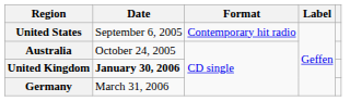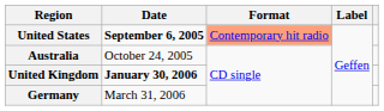 <table class="wikitable plainrowheaders">
 <tr>
 <th scope="col">Region</th>
 <th scope="col">Date</th>
 <th scope="col">Format</th>
 <th scope="col">Label</th>
 <th scope="col"></th>
 </tr>
 <tr>
 <th scope="row">United States</th>
-<td>September 6, 2005</td>
-<td><a href='#'>Contemporary hit radio</a></td>
+<td><strong>September 6, 2005</strong></td>
+<td style="background: lightsalmon;"><a href='#'>Contemporary hit radio</a></td>
 <td rowspan="4"><a href='#'>Geffen</a></td>
 <td align="center"></td>
 </tr>
 <tr>
 <th scope="row">Australia</th>
 <td>October 24, 2005</td>
 <td rowspan="3"><a href='#'>CD single</a></td>
 <td align="center"></td>
 </tr>
 <tr>
 <th scope="row">United Kingdom</th>
 <td><strong>January 30, 2006</strong></td>
 <td align="center"></td>
 </tr>
 <tr>
 <th scope="row">Germany</th>
 <td>March 31, 2006</td>
 <td align="center"></td>
 </tr>
 </table>
